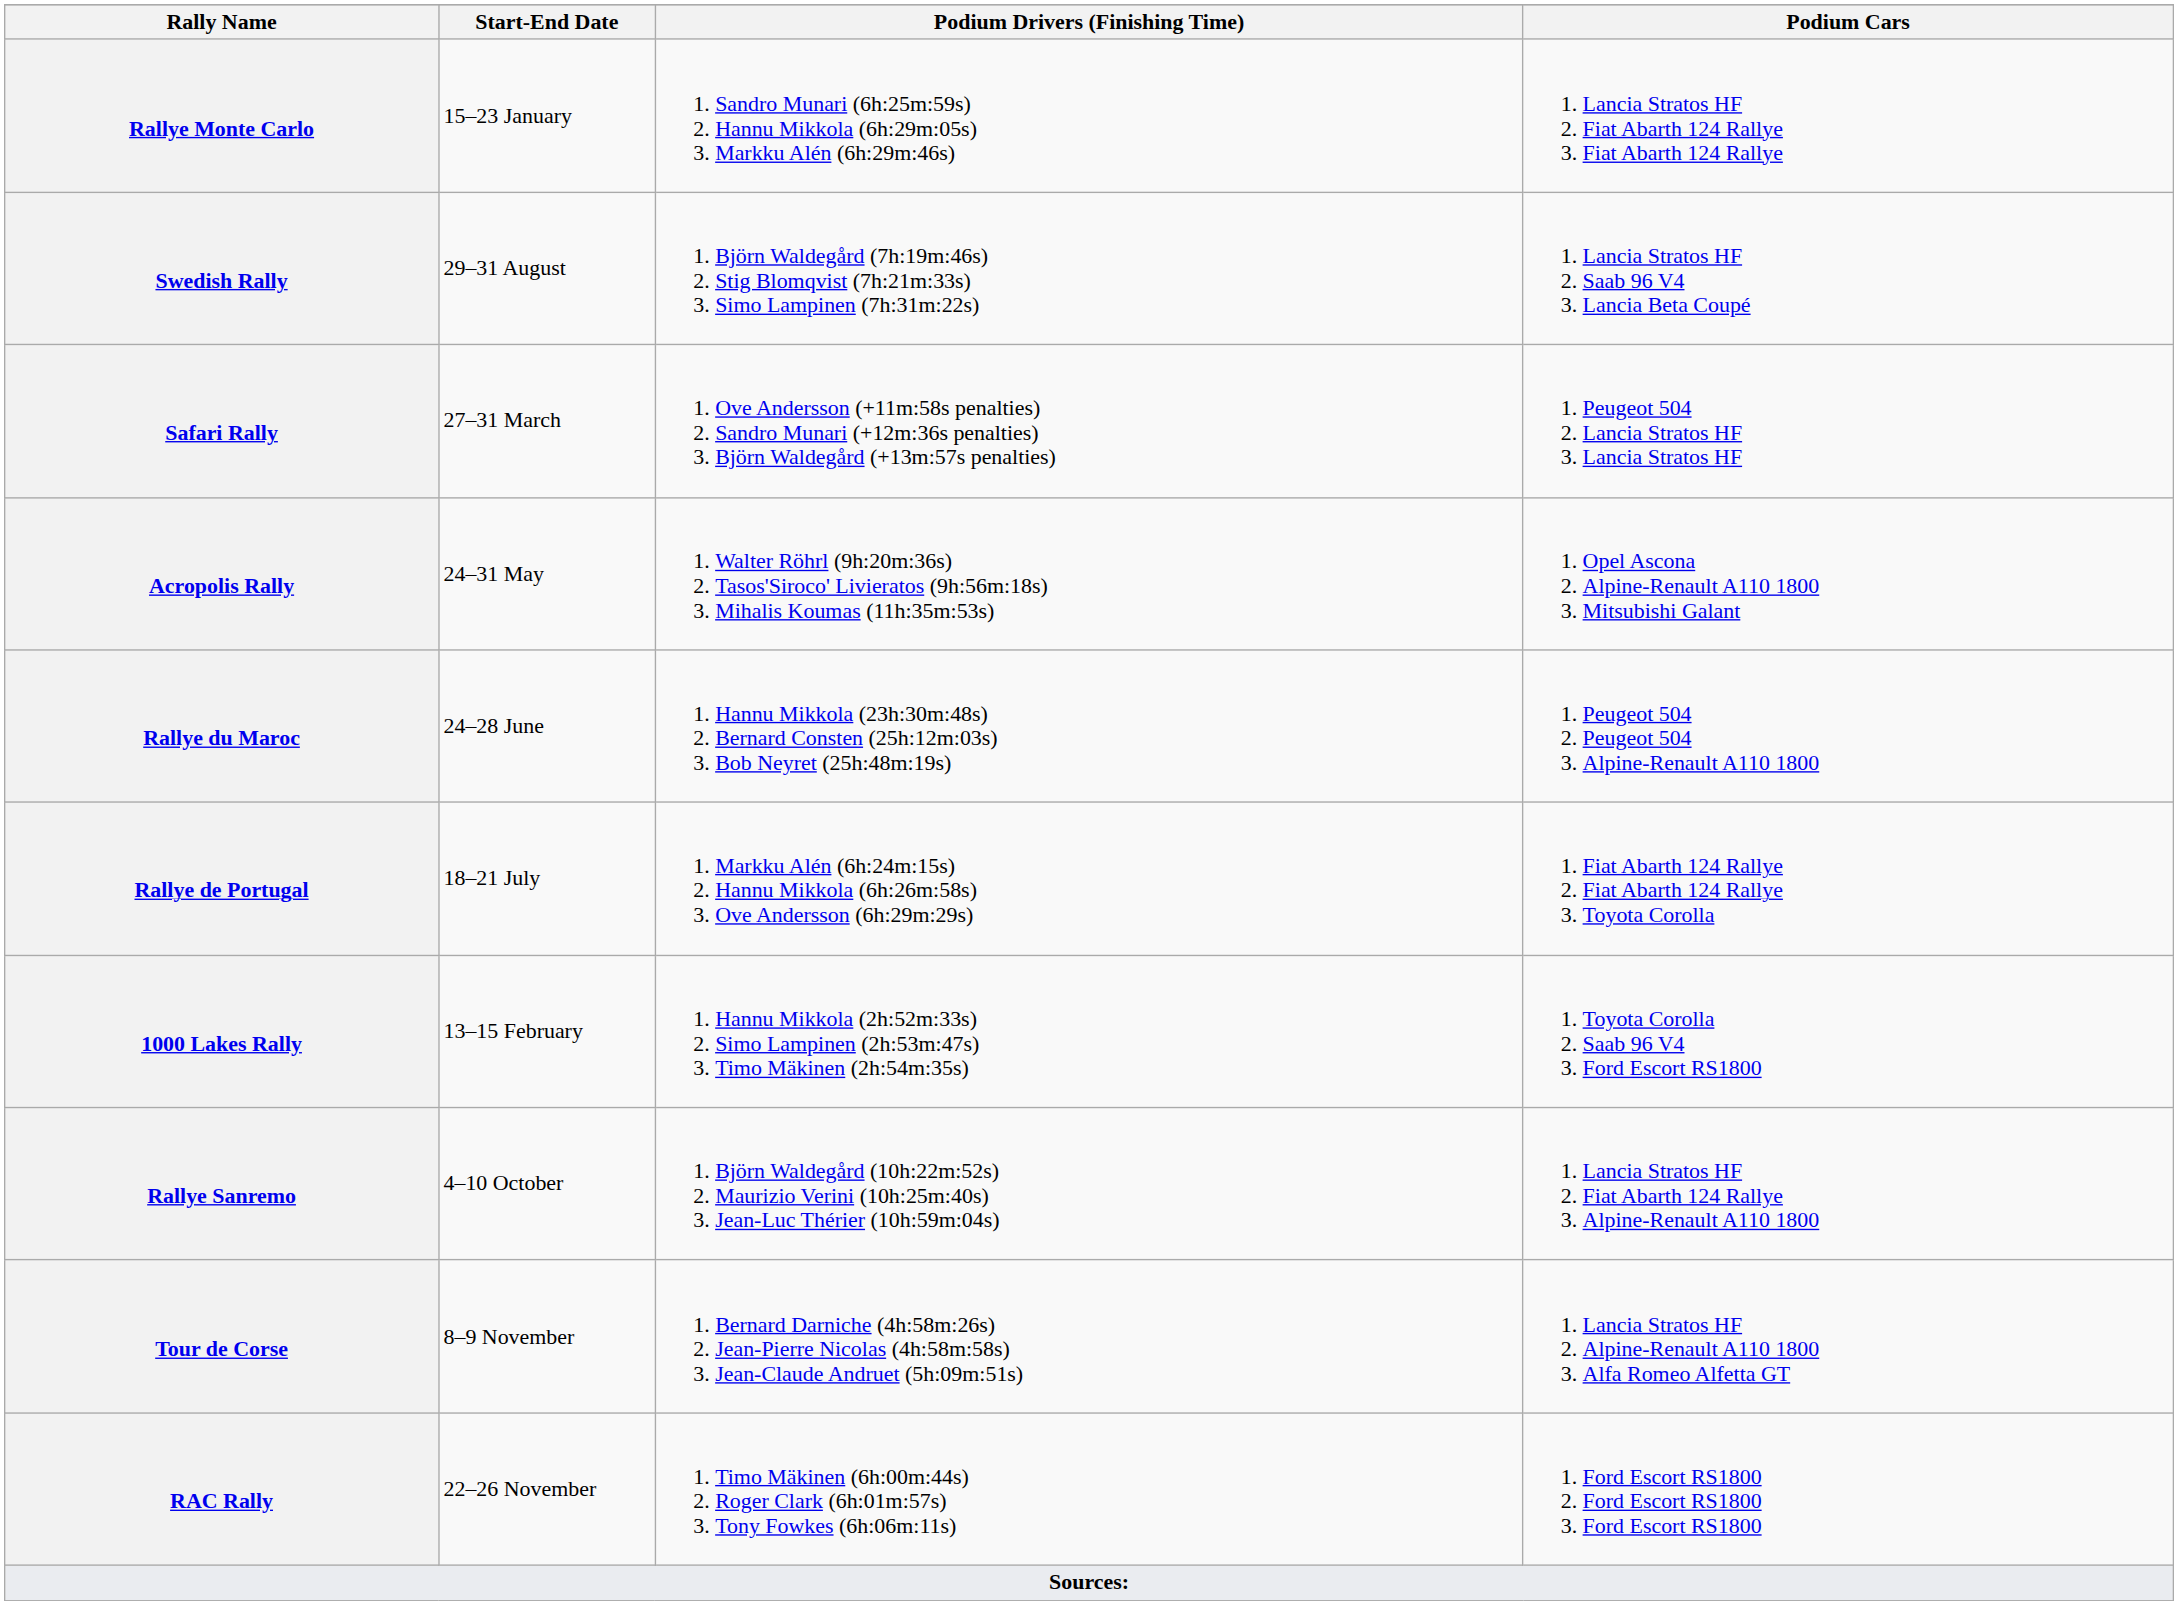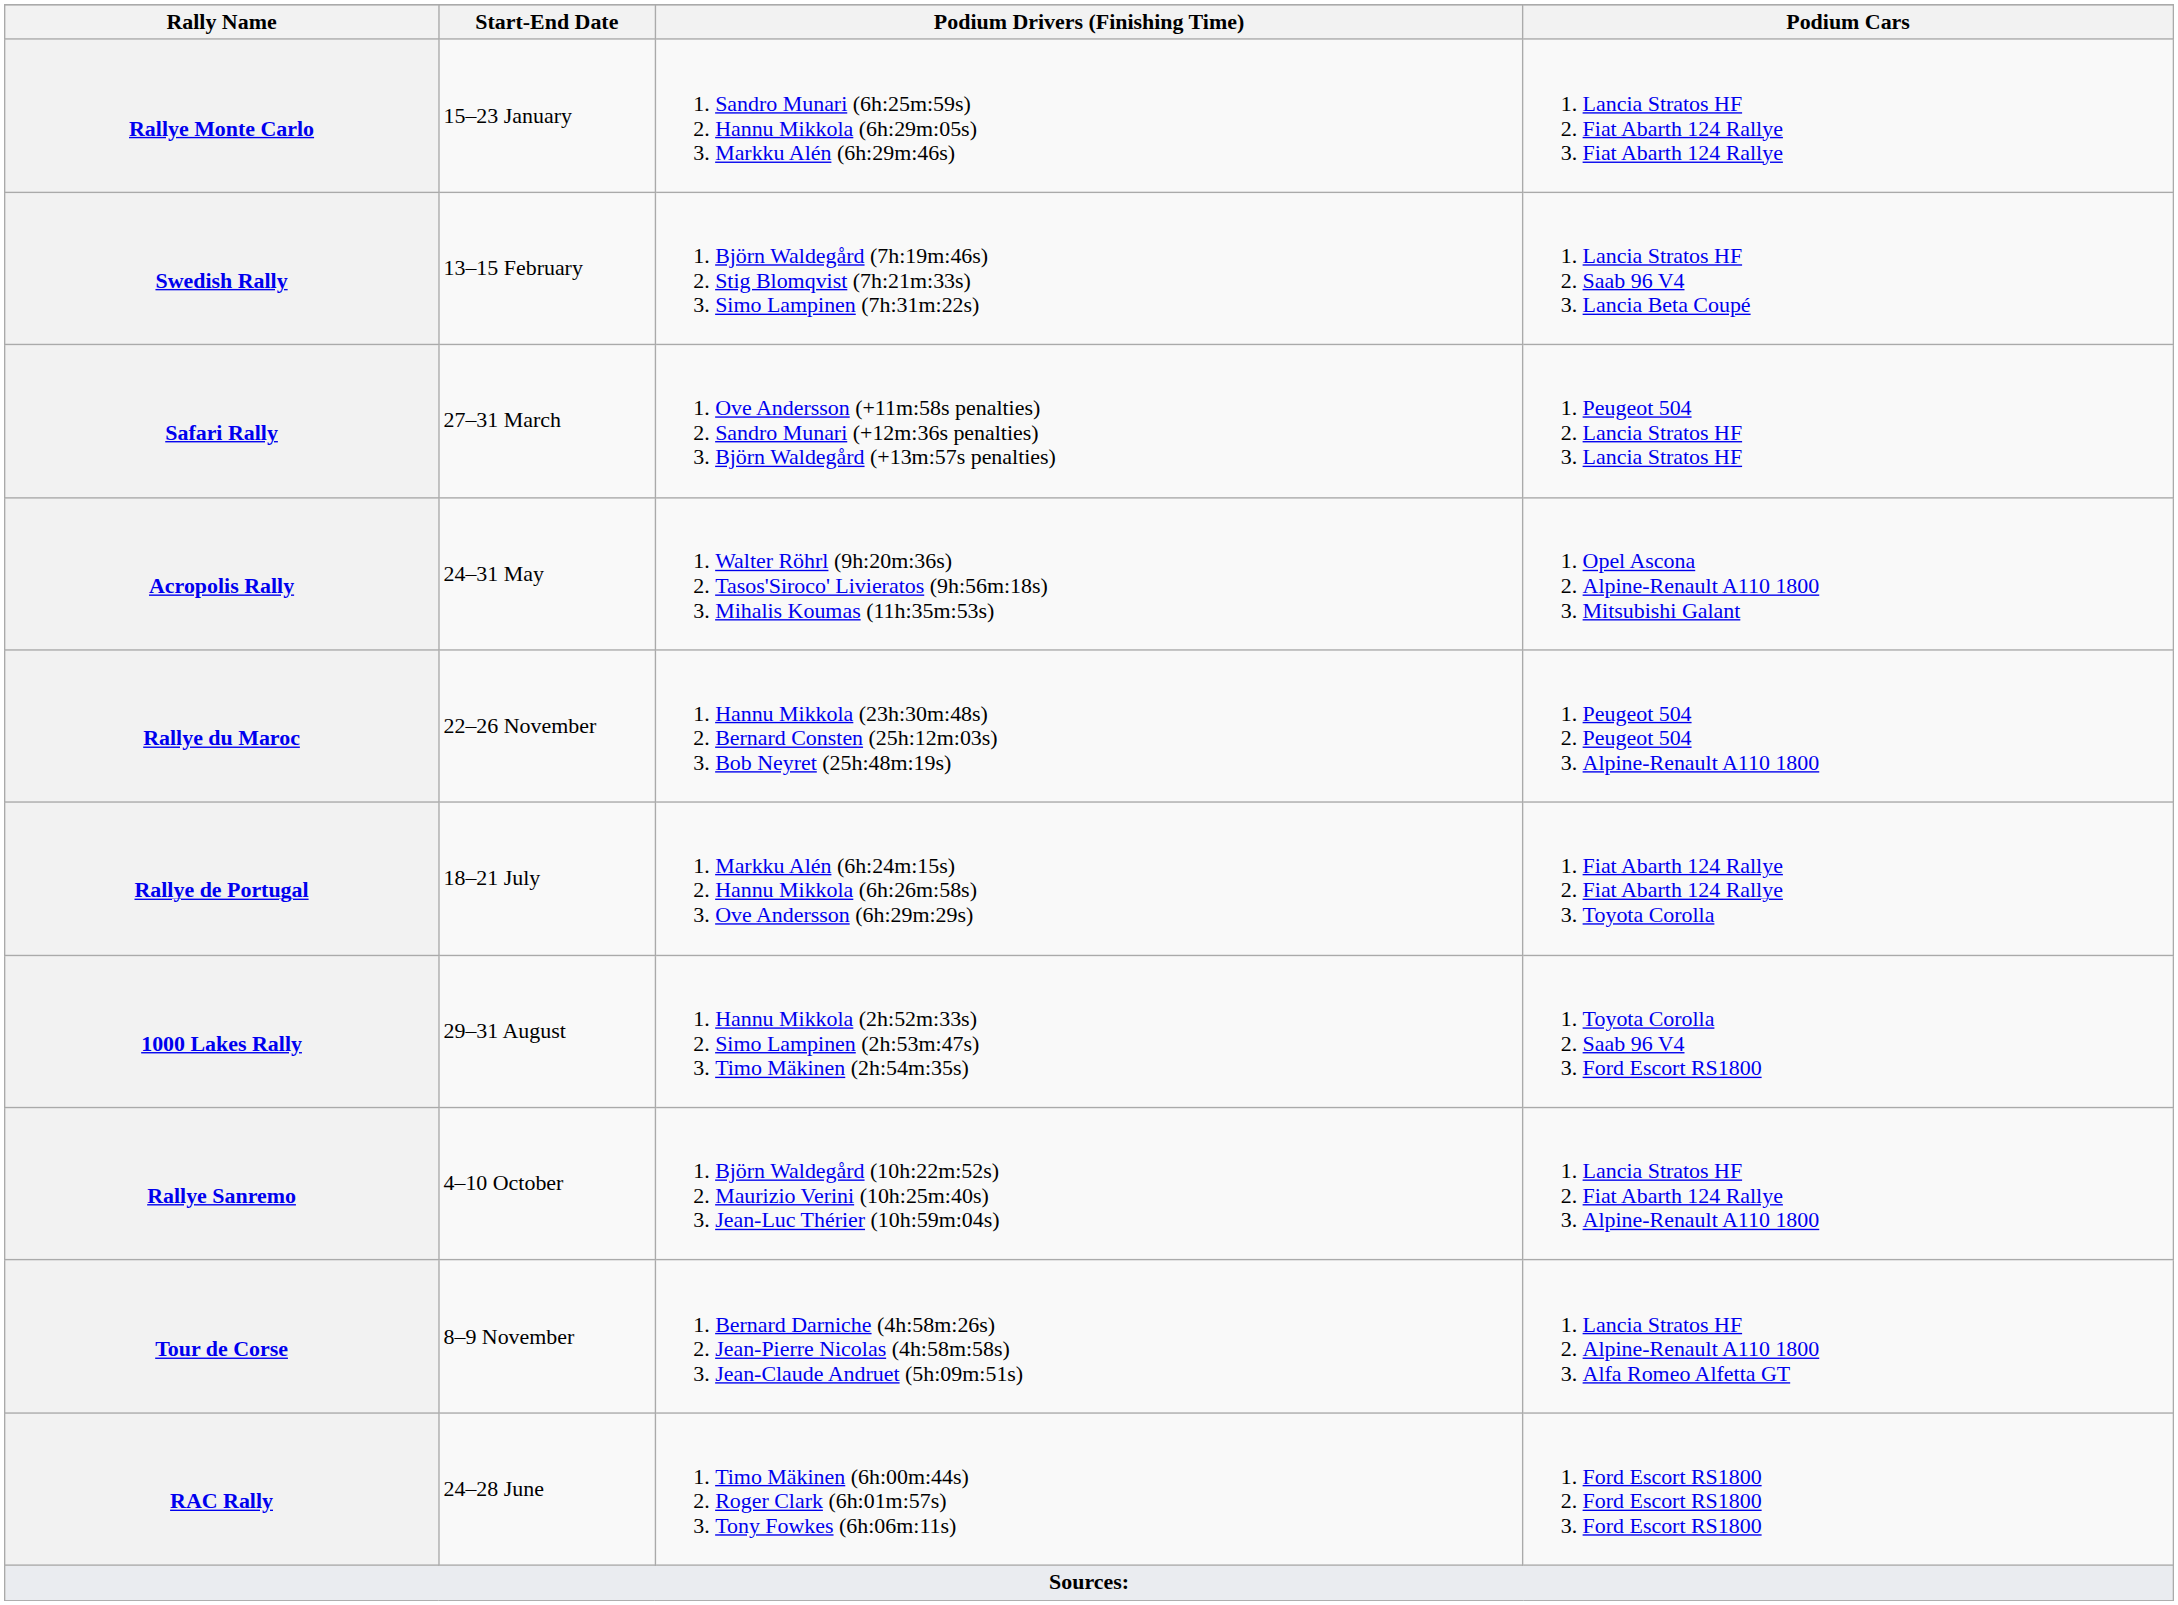 <table class="wikitable" width="100%" align=center>
 <tr>
 </tr>
 <tr style="background:#efefef;">
 <th colspan=1 width=20%>Rally Name</th>
 <th colspan=1 width=10%>Start-End Date</th>
 <th colspan=1 width=40%>Podium Drivers (Finishing Time)</th>
 <th colspan=1 width=30%>Podium Cars</th>
 </tr>
 <tr>
 <th><br> <a href='#'>Rallye Monte Carlo</a></th>
 <td>15–23 January</td>
 <td><br><ol><li> <a href='#'>Sandro Munari</a> (6h:25m:59s)</li><li> <a href='#'>Hannu Mikkola</a> (6h:29m:05s)</li><li> <a href='#'>Markku Alén</a> (6h:29m:46s)</li></ol></td>
 <td><br><ol><li><a href='#'>Lancia Stratos HF</a></li><li><a href='#'>Fiat Abarth 124 Rallye</a></li><li><a href='#'>Fiat Abarth 124 Rallye</a></li></ol></td>
 </tr>
 <tr>
 <th><br> <a href='#'>Swedish Rally</a></th>
-<td>29–31 August</td>
+<td>13–15 February</td>
 <td><br><ol><li> <a href='#'>Björn Waldegård</a> (7h:19m:46s)</li><li> <a href='#'>Stig Blomqvist</a> (7h:21m:33s)</li><li> <a href='#'>Simo Lampinen</a> (7h:31m:22s)</li></ol></td>
 <td><br><ol><li><a href='#'>Lancia Stratos HF</a></li><li><a href='#'>Saab 96 V4</a></li><li><a href='#'>Lancia Beta Coupé</a></li></ol></td>
 </tr>
 <tr>
 <th><br> <a href='#'>Safari Rally</a></th>
 <td>27–31 March</td>
 <td><br><ol><li> <a href='#'>Ove Andersson</a> (+11m:58s penalties)</li><li> <a href='#'>Sandro Munari</a> (+12m:36s penalties)</li><li> <a href='#'>Björn Waldegård</a> (+13m:57s penalties)</li></ol></td>
 <td><br><ol><li><a href='#'>Peugeot 504</a></li><li><a href='#'>Lancia Stratos HF</a></li><li><a href='#'>Lancia Stratos HF</a></li></ol></td>
 </tr>
 <tr>
 <th><br> <a href='#'>Acropolis Rally</a></th>
 <td>24–31 May</td>
 <td><br><ol><li> <a href='#'>Walter Röhrl</a> (9h:20m:36s)</li><li> <a href='#'>Tasos'Siroco' Livieratos</a> (9h:56m:18s)</li><li> <a href='#'>Mihalis Koumas</a> (11h:35m:53s)</li></ol></td>
 <td><br><ol><li><a href='#'>Opel Ascona</a></li><li><a href='#'>Alpine-Renault A110 1800</a></li><li><a href='#'>Mitsubishi Galant</a></li></ol></td>
 </tr>
 <tr>
 <th><br> <a href='#'>Rallye du Maroc</a></th>
-<td>24–28 June</td>
+<td>22–26 November</td>
 <td><br><ol><li> <a href='#'>Hannu Mikkola</a> (23h:30m:48s)</li><li> <a href='#'>Bernard Consten</a> (25h:12m:03s)</li><li> <a href='#'>Bob Neyret</a> (25h:48m:19s)</li></ol></td>
 <td><br><ol><li><a href='#'>Peugeot 504</a></li><li><a href='#'>Peugeot 504</a></li><li><a href='#'>Alpine-Renault A110 1800</a></li></ol></td>
 </tr>
 <tr>
 <th><br> <a href='#'>Rallye de Portugal</a></th>
 <td>18–21 July</td>
 <td><br><ol><li> <a href='#'>Markku Alén</a> (6h:24m:15s)</li><li> <a href='#'>Hannu Mikkola</a> (6h:26m:58s)</li><li> <a href='#'>Ove Andersson</a> (6h:29m:29s)</li></ol></td>
 <td><br><ol><li><a href='#'>Fiat Abarth 124 Rallye</a></li><li><a href='#'>Fiat Abarth 124 Rallye</a></li><li><a href='#'>Toyota Corolla</a></li></ol></td>
 </tr>
 <tr>
 <th><br> <a href='#'>1000 Lakes Rally</a></th>
-<td>13–15 February</td>
+<td>29–31 August</td>
 <td><br><ol><li> <a href='#'>Hannu Mikkola</a> (2h:52m:33s)</li><li> <a href='#'>Simo Lampinen</a> (2h:53m:47s)</li><li> <a href='#'>Timo Mäkinen</a> (2h:54m:35s)</li></ol></td>
 <td><br><ol><li><a href='#'>Toyota Corolla</a></li><li><a href='#'>Saab 96 V4</a></li><li><a href='#'>Ford Escort RS1800</a></li></ol></td>
 </tr>
 <tr>
 <th><br> <a href='#'>Rallye Sanremo</a></th>
 <td>4–10 October</td>
 <td><br><ol><li> <a href='#'>Björn Waldegård</a> (10h:22m:52s)</li><li> <a href='#'>Maurizio Verini</a> (10h:25m:40s)</li><li> <a href='#'>Jean-Luc Thérier</a> (10h:59m:04s)</li></ol></td>
 <td><br><ol><li><a href='#'>Lancia Stratos HF</a></li><li><a href='#'>Fiat Abarth 124 Rallye</a></li><li><a href='#'>Alpine-Renault A110 1800</a></li></ol></td>
 </tr>
 <tr>
 <th><br> <a href='#'>Tour de Corse</a></th>
 <td>8–9 November</td>
 <td><br><ol><li> <a href='#'>Bernard Darniche</a> (4h:58m:26s)</li><li> <a href='#'>Jean-Pierre Nicolas</a> (4h:58m:58s)</li><li> <a href='#'>Jean-Claude Andruet</a> (5h:09m:51s)</li></ol></td>
 <td><br><ol><li><a href='#'>Lancia Stratos HF</a></li><li><a href='#'>Alpine-Renault A110 1800</a></li><li><a href='#'>Alfa Romeo Alfetta GT</a></li></ol></td>
 </tr>
 <tr>
 <th><br> <a href='#'>RAC Rally</a></th>
-<td>22–26 November</td>
+<td>24–28 June</td>
 <td><br><ol><li> <a href='#'>Timo Mäkinen</a> (6h:00m:44s)</li><li> <a href='#'>Roger Clark</a> (6h:01m:57s)</li><li> <a href='#'>Tony Fowkes</a> (6h:06m:11s)</li></ol></td>
 <td><br><ol><li><a href='#'>Ford Escort RS1800</a></li><li><a href='#'>Ford Escort RS1800</a></li><li><a href='#'>Ford Escort RS1800</a></li></ol></td>
 </tr>
 <tr>
 <td colspan="10" style="background-color:#EAECF0;text-align:center"><strong>Sources:</strong></td>
 </tr>
 </table>
